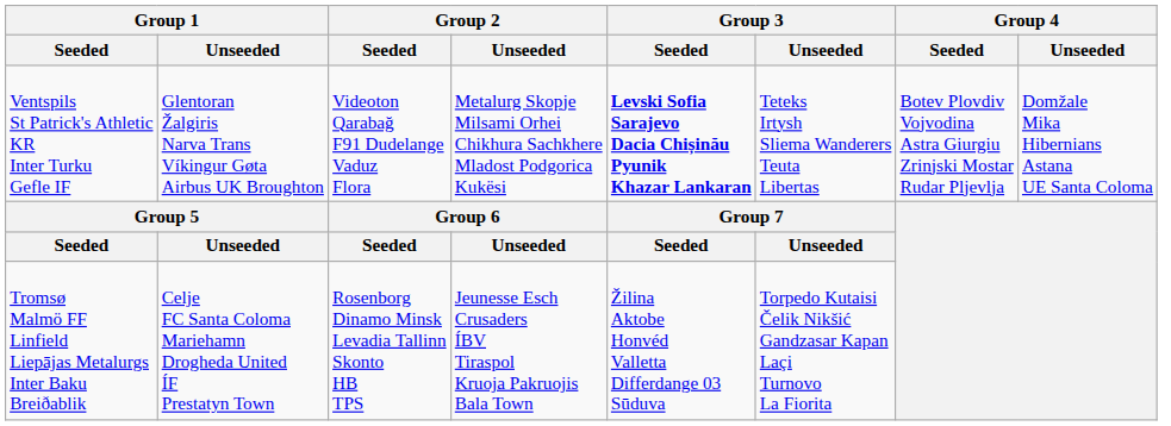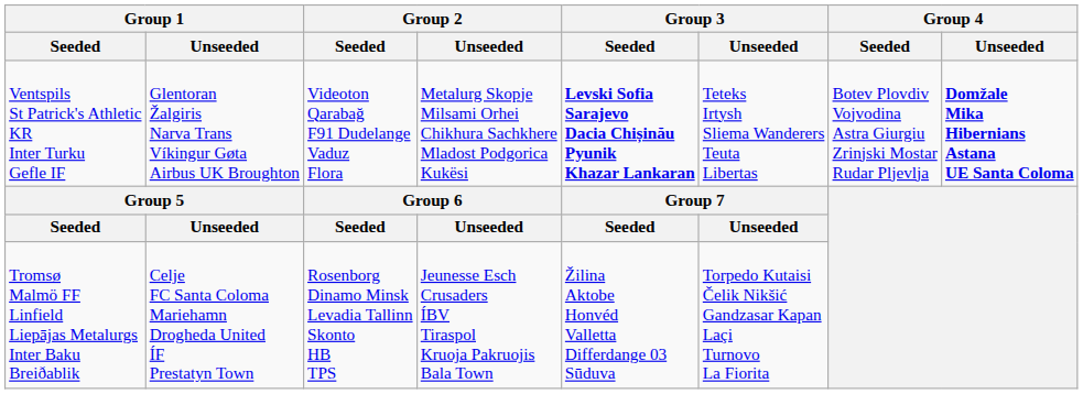 <table class="wikitable" style="font-size:85%">
 <tr>
 <th colspan=2>Group 1</th>
 <th colspan=2>Group 2</th>
 <th colspan=2>Group 3</th>
 <th colspan=2>Group 4</th>
 </tr>
 <tr>
 <th>Seeded</th>
 <th>Unseeded</th>
 <th>Seeded</th>
 <th>Unseeded</th>
 <th>Seeded</th>
 <th>Unseeded</th>
 <th>Seeded</th>
 <th>Unseeded</th>
 </tr>
 <tr>
 <td valign=top><br> <a href='#'>Ventspils</a><br>  <a href='#'>St Patrick's Athletic</a><br>  <a href='#'>KR</a><br>  <a href='#'>Inter Turku</a><br>  <a href='#'>Gefle IF</a></td>
 <td valign=top><br> <a href='#'>Glentoran</a><br>  <a href='#'>Žalgiris</a><br>  <a href='#'>Narva Trans</a><br>  <a href='#'>Víkingur Gøta</a><br>  <a href='#'>Airbus UK Broughton</a></td>
 <td valign=top><br> <a href='#'>Videoton</a><br>  <a href='#'>Qarabağ</a><br>  <a href='#'>F91 Dudelange</a><br>  <a href='#'>Vaduz</a><br>  <a href='#'>Flora</a></td>
 <td valign=top><br> <a href='#'>Metalurg Skopje</a><br>  <a href='#'>Milsami Orhei</a><br>  <a href='#'>Chikhura Sachkhere</a><br>  <a href='#'>Mladost Podgorica</a><br>  <a href='#'>Kukësi</a></td>
 <td valign=top><strong><br> <a href='#'>Levski Sofia</a><br>  <a href='#'>Sarajevo</a><br>  <a href='#'>Dacia Chișinău</a><br>  <a href='#'>Pyunik</a><br>  <a href='#'>Khazar Lankaran</a></strong></td>
 <td valign=top><br> <a href='#'>Teteks</a><br>  <a href='#'>Irtysh</a><br>  <a href='#'>Sliema Wanderers</a><br>  <a href='#'>Teuta</a><br>  <a href='#'>Libertas</a></td>
 <td valign=top><br> <a href='#'>Botev Plovdiv</a><br>  <a href='#'>Vojvodina</a><br>  <a href='#'>Astra Giurgiu</a><br>  <a href='#'>Zrinjski Mostar</a><br>  <a href='#'>Rudar Pljevlja</a></td>
-<td valign=top><br> <a href='#'>Domžale</a><br>  <a href='#'>Mika</a><br>  <a href='#'>Hibernians</a><br>  <a href='#'>Astana</a><br>  <a href='#'>UE Santa Coloma</a></td>
+<td valign=top><strong><br> <a href='#'>Domžale</a><br>  <a href='#'>Mika</a><br>  <a href='#'>Hibernians</a><br>  <a href='#'>Astana</a><br>  <a href='#'>UE Santa Coloma</a></strong></td>
 </tr>
 <tr>
 <th colspan=2>Group 5</th>
 <th colspan=2>Group 6</th>
 <th colspan=2>Group 7</th>
 <th rowspan=3 colspan=2></th>
 </tr>
 <tr>
 <th>Seeded</th>
 <th>Unseeded</th>
 <th>Seeded</th>
 <th>Unseeded</th>
 <th>Seeded</th>
 <th>Unseeded</th>
 </tr>
 <tr>
 <td valign=top><br> <a href='#'>Tromsø</a><br>  <a href='#'>Malmö FF</a><br>  <a href='#'>Linfield</a><br>  <a href='#'>Liepājas Metalurgs</a><br>  <a href='#'>Inter Baku</a><br>  <a href='#'>Breiðablik</a></td>
 <td valign=top><br> <a href='#'>Celje</a><br>  <a href='#'>FC Santa Coloma</a><br>  <a href='#'>Mariehamn</a><br>  <a href='#'>Drogheda United</a><br>  <a href='#'>ÍF</a><br>  <a href='#'>Prestatyn Town</a></td>
 <td valign=top><br> <a href='#'>Rosenborg</a><br>  <a href='#'>Dinamo Minsk</a><br>  <a href='#'>Levadia Tallinn</a><br>  <a href='#'>Skonto</a><br>  <a href='#'>HB</a><br>  <a href='#'>TPS</a></td>
 <td valign=top><br> <a href='#'>Jeunesse Esch</a><br>  <a href='#'>Crusaders</a><br>  <a href='#'>ÍBV</a><br>  <a href='#'>Tiraspol</a><br>  <a href='#'>Kruoja Pakruojis</a><br>  <a href='#'>Bala Town</a></td>
 <td valign=top><br> <a href='#'>Žilina</a><br>  <a href='#'>Aktobe</a><br>  <a href='#'>Honvéd</a><br>  <a href='#'>Valletta</a><br>  <a href='#'>Differdange 03</a><br>  <a href='#'>Sūduva</a></td>
 <td valign=top><br> <a href='#'>Torpedo Kutaisi</a><br>  <a href='#'>Čelik Nikšić</a><br>  <a href='#'>Gandzasar Kapan</a><br>  <a href='#'>Laçi</a><br>  <a href='#'>Turnovo</a><br>  <a href='#'>La Fiorita</a></td>
 </tr>
 </table>
